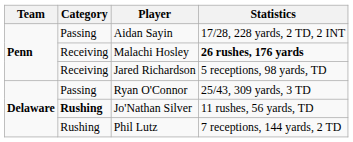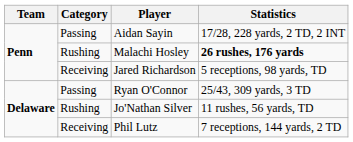 <table class="wikitable" style="float: right;">
 <tr>
 <th>Team</th>
 <th>Category</th>
 <th>Player</th>
 <th>Statistics</th>
 </tr>
 <tr>
 <td rowspan=3><strong>Penn</strong></td>
 <td>Passing</td>
 <td>Aidan Sayin</td>
 <td>17/28, 228 yards, 2 TD, 2 INT</td>
 </tr>
 <tr>
-<td>Receiving</td>
+<td>Rushing</td>
 <td>Malachi Hosley</td>
 <td><strong>26 rushes, 176 yards</strong></td>
 </tr>
 <tr>
 <td>Receiving</td>
 <td>Jared Richardson</td>
 <td>5 receptions, 98 yards, TD</td>
 </tr>
 <tr>
 <td rowspan=3><strong>Delaware</strong></td>
 <td>Passing</td>
 <td>Ryan O'Connor</td>
 <td>25/43, 309 yards, 3 TD</td>
 </tr>
 <tr>
-<td><strong>Rushing</strong></td>
+<td>Rushing</td>
 <td>Jo'Nathan Silver</td>
 <td>11 rushes, 56 yards, TD</td>
 </tr>
 <tr>
-<td>Rushing</td>
+<td>Receiving</td>
 <td>Phil Lutz</td>
 <td>7 receptions, 144 yards, 2 TD</td>
 </tr>
 </table>
